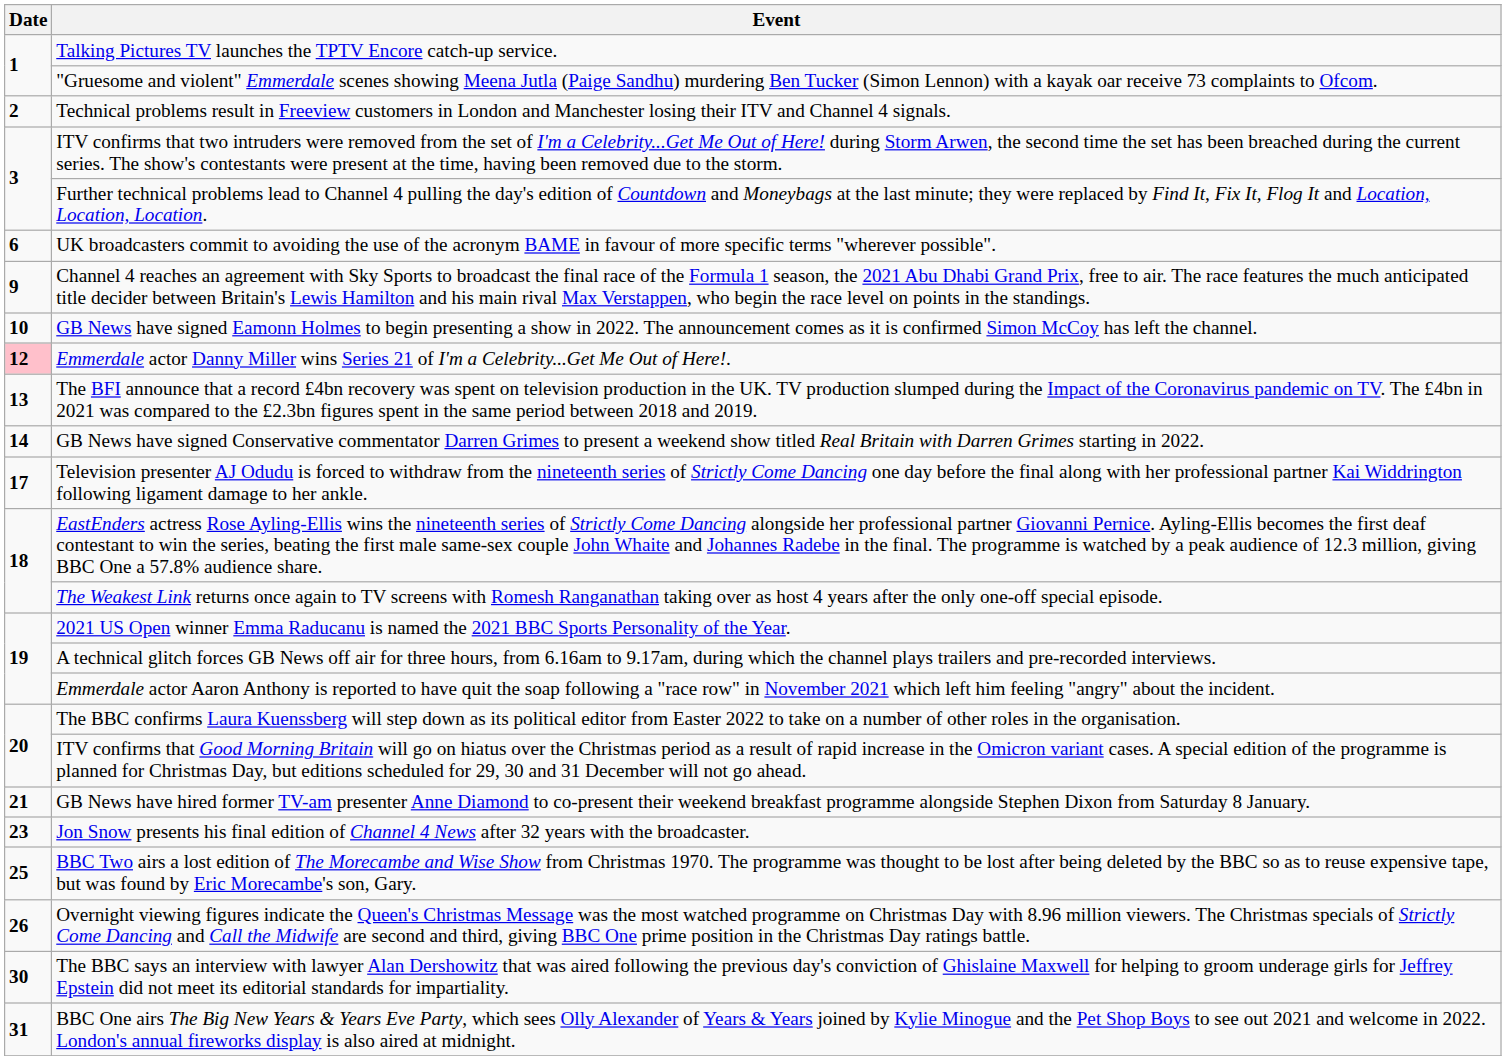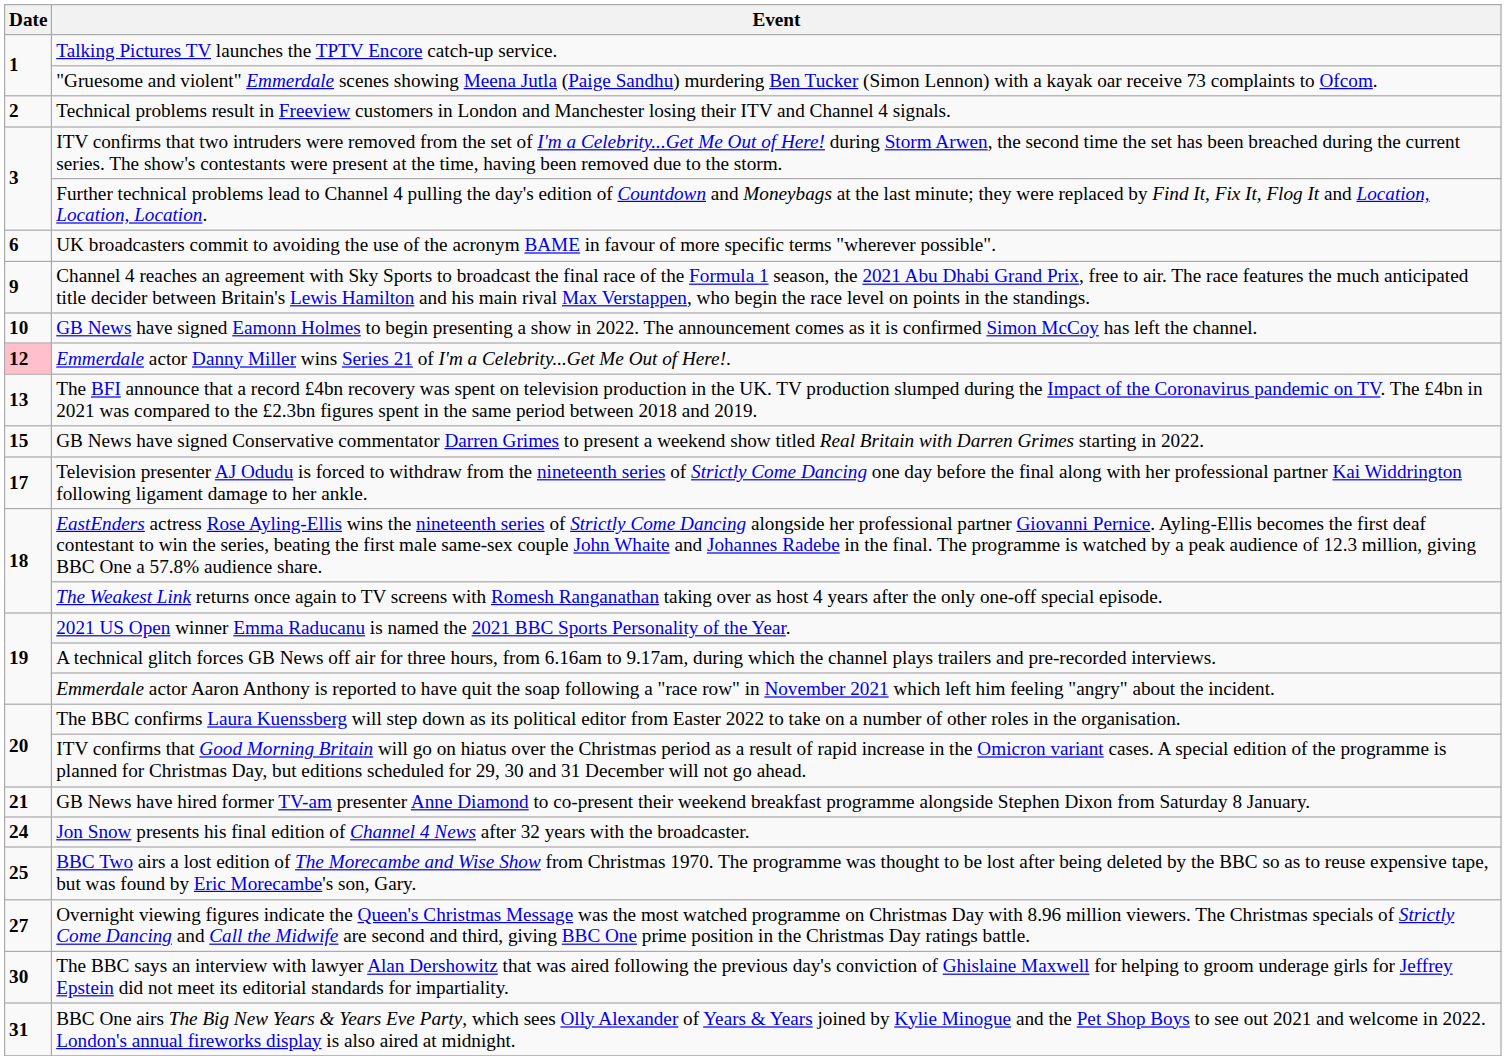 <table class="wikitable">
 <tr>
 <th>Date</th>
 <th>Event</th>
 </tr>
 <tr>
 <td rowspan="2"><strong>1</strong></td>
 <td><a href='#'>Talking Pictures TV</a> launches the <a href='#'>TPTV Encore</a> catch-up service.</td>
 </tr>
 <tr>
 <td>"Gruesome and violent" <em><a href='#'>Emmerdale</a></em> scenes showing <a href='#'>Meena Jutla</a> (<a href='#'>Paige Sandhu</a>) murdering <a href='#'>Ben Tucker</a> (Simon Lennon) with a kayak oar receive 73 complaints to <a href='#'>Ofcom</a>.</td>
 </tr>
 <tr>
 <td><strong>2</strong></td>
 <td>Technical problems result in <a href='#'>Freeview</a> customers in London and Manchester losing their ITV and Channel 4 signals.</td>
 </tr>
 <tr>
 <td rowspan=2><strong>3</strong></td>
 <td>ITV confirms that two intruders were removed from the set of <em><a href='#'>I'm a Celebrity...Get Me Out of Here!</a></em> during <a href='#'>Storm Arwen</a>, the second time the set has been breached during the current series. The show's contestants were present at the time, having been removed due to the storm.</td>
 </tr>
 <tr>
 <td>Further technical problems lead to Channel 4 pulling the day's edition of <em><a href='#'>Countdown</a></em> and <em>Moneybags</em> at the last minute; they were replaced by <em>Find It, Fix It, Flog It</em> and <em><a href='#'>Location, Location, Location</a></em>.</td>
 </tr>
 <tr>
 <td><strong>6</strong></td>
 <td>UK broadcasters commit to avoiding the use of the acronym <a href='#'>BAME</a> in favour of more specific terms "wherever possible".</td>
 </tr>
 <tr>
 <td><strong>9</strong></td>
 <td>Channel 4 reaches an agreement with Sky Sports to broadcast the final race of the <a href='#'>Formula 1</a> season, the <a href='#'>2021 Abu Dhabi Grand Prix</a>, free to air. The race features the much anticipated title decider between Britain's <a href='#'>Lewis Hamilton</a> and his main rival <a href='#'>Max Verstappen</a>, who begin the race level on points in the standings.</td>
 </tr>
 <tr>
 <td><strong>10</strong></td>
 <td><a href='#'>GB News</a> have signed <a href='#'>Eamonn Holmes</a> to begin presenting a show in 2022. The announcement comes as it is confirmed <a href='#'>Simon McCoy</a> has left the channel.</td>
 </tr>
 <tr>
 <td style="background: pink;"><strong>12</strong></td>
 <td><em><a href='#'>Emmerdale</a></em> actor <a href='#'>Danny Miller</a> wins <a href='#'>Series 21</a> of <em>I'm a Celebrity...Get Me Out of Here!</em>.</td>
 </tr>
 <tr>
 <td><strong>13</strong></td>
 <td>The <a href='#'>BFI</a> announce that a record £4bn recovery was spent on television production in the UK. TV production slumped during the <a href='#'>Impact of the Coronavirus pandemic on TV</a>. The £4bn in 2021 was compared to the £2.3bn figures spent in the same period between 2018 and 2019.</td>
 </tr>
 <tr>
-<td><strong>14</strong></td>
+<td><strong>15</strong></td>
 <td>GB News have signed Conservative commentator <a href='#'>Darren Grimes</a> to present a weekend show titled <em>Real Britain with Darren Grimes</em> starting in 2022.</td>
 </tr>
 <tr>
 <td><strong>17</strong></td>
 <td>Television presenter <a href='#'>AJ Odudu</a> is forced to withdraw from the <a href='#'>nineteenth series</a> of <em><a href='#'>Strictly Come Dancing</a></em> one day before the final along with her professional partner <a href='#'>Kai Widdrington</a> following ligament damage to her ankle.</td>
 </tr>
 <tr>
 <td rowspan=2><strong>18</strong></td>
 <td><em><a href='#'>EastEnders</a></em> actress <a href='#'>Rose Ayling-Ellis</a> wins the <a href='#'>nineteenth series</a> of <em><a href='#'>Strictly Come Dancing</a></em> alongside her professional partner <a href='#'>Giovanni Pernice</a>. Ayling-Ellis becomes the first deaf contestant to win the series, beating the first male same-sex couple <a href='#'>John Whaite</a> and <a href='#'>Johannes Radebe</a> in the final. The programme is watched by a peak audience of 12.3 million, giving BBC One a 57.8% audience share.</td>
 </tr>
 <tr>
 <td><em><a href='#'>The Weakest Link</a></em> returns once again to TV screens with <a href='#'>Romesh Ranganathan</a> taking over as host 4 years after the only one-off special episode.</td>
 </tr>
 <tr>
 <td rowspan=3><strong>19</strong></td>
 <td><a href='#'>2021 US Open</a> winner <a href='#'>Emma Raducanu</a> is named the <a href='#'>2021 BBC Sports Personality of the Year</a>.</td>
 </tr>
 <tr>
 <td>A technical glitch forces GB News off air for three hours, from 6.16am to 9.17am, during which the channel plays trailers and pre-recorded interviews.</td>
 </tr>
 <tr>
 <td><em>Emmerdale</em> actor Aaron Anthony is reported to have quit the soap following a "race row" in <a href='#'>November 2021</a> which left him feeling "angry" about the incident.</td>
 </tr>
 <tr>
 <td rowspan=2><strong>20</strong></td>
 <td>The BBC confirms <a href='#'>Laura Kuenssberg</a> will step down as its political editor from Easter 2022 to take on a number of other roles in the organisation.</td>
 </tr>
 <tr>
 <td>ITV confirms that <em><a href='#'>Good Morning Britain</a></em> will go on hiatus over the Christmas period as a result of rapid increase in the <a href='#'>Omicron variant</a> cases. A special edition of the programme is planned for Christmas Day, but editions scheduled for 29, 30 and 31 December will not go ahead.</td>
 </tr>
 <tr>
 <td><strong>21</strong></td>
 <td>GB News have hired former <a href='#'>TV-am</a> presenter <a href='#'>Anne Diamond</a> to co-present their weekend breakfast programme alongside Stephen Dixon from Saturday 8 January.</td>
 </tr>
 <tr>
-<td><strong>23</strong></td>
+<td><strong>24</strong></td>
 <td><a href='#'>Jon Snow</a> presents his final edition of <em><a href='#'>Channel 4 News</a></em> after 32 years with the broadcaster.</td>
 </tr>
 <tr>
 <td><strong>25</strong></td>
 <td><a href='#'>BBC Two</a> airs a lost edition of <em><a href='#'>The Morecambe and Wise Show</a></em> from Christmas 1970. The programme was thought to be lost after being deleted by the BBC so as to reuse expensive tape, but was found by <a href='#'>Eric Morecambe</a>'s son, Gary.</td>
 </tr>
 <tr>
-<td><strong>26</strong></td>
+<td><strong>27</strong></td>
 <td>Overnight viewing figures indicate the <a href='#'>Queen's Christmas Message</a> was the most watched programme on Christmas Day with 8.96 million viewers. The Christmas specials of <em><a href='#'>Strictly Come Dancing</a></em> and <em><a href='#'>Call the Midwife</a></em> are second and third, giving <a href='#'>BBC One</a> prime position in the Christmas Day ratings battle.</td>
 </tr>
 <tr>
 <td><strong>30</strong></td>
 <td>The BBC says an interview with lawyer <a href='#'>Alan Dershowitz</a> that was aired following the previous day's conviction of <a href='#'>Ghislaine Maxwell</a> for helping to groom underage girls for <a href='#'>Jeffrey Epstein</a> did not meet its editorial standards for impartiality.</td>
 </tr>
 <tr>
 <td><strong>31</strong></td>
 <td>BBC One airs <em>The Big New Years & Years Eve Party</em>, which sees <a href='#'>Olly Alexander</a> of <a href='#'>Years & Years</a> joined by <a href='#'>Kylie Minogue</a> and the <a href='#'>Pet Shop Boys</a> to see out 2021 and welcome in 2022. <a href='#'>London's annual fireworks display</a> is also aired at midnight.</td>
 </tr>
 </table>
